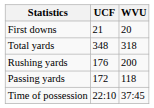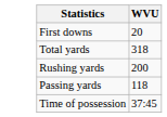 <table class="wikitable" style="float: right;">
 <tr>
 <th>Statistics</th>
-<th>UCF</th>
 <th>WVU</th>
 </tr>
 <tr>
 <td>First downs</td>
-<td>21</td>
 <td>20</td>
 </tr>
 <tr>
 <td>Total yards</td>
-<td>348</td>
 <td>318</td>
 </tr>
 <tr>
 <td>Rushing yards</td>
-<td>176</td>
 <td>200</td>
 </tr>
 <tr>
 <td>Passing yards</td>
-<td>172</td>
 <td>118</td>
 </tr>
 <tr>
 <td>Time of possession</td>
-<td>22:10</td>
 <td>37:45</td>
 </tr>
 </table>
